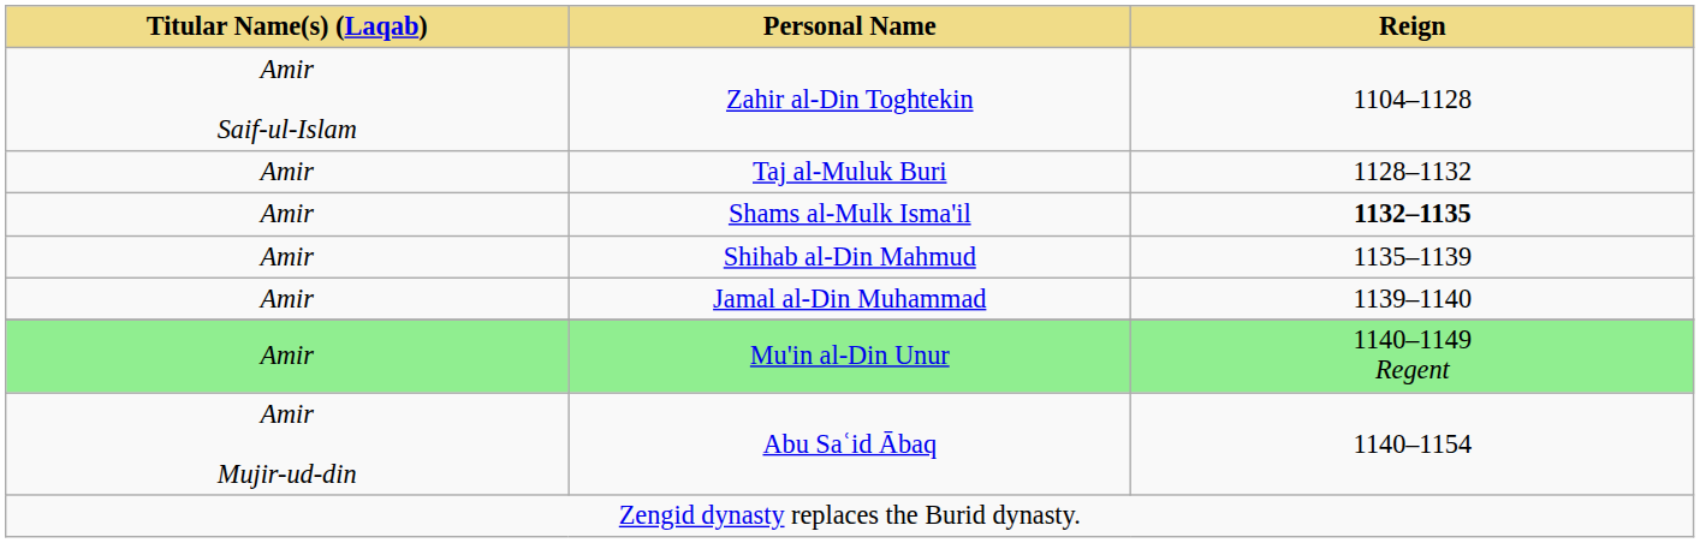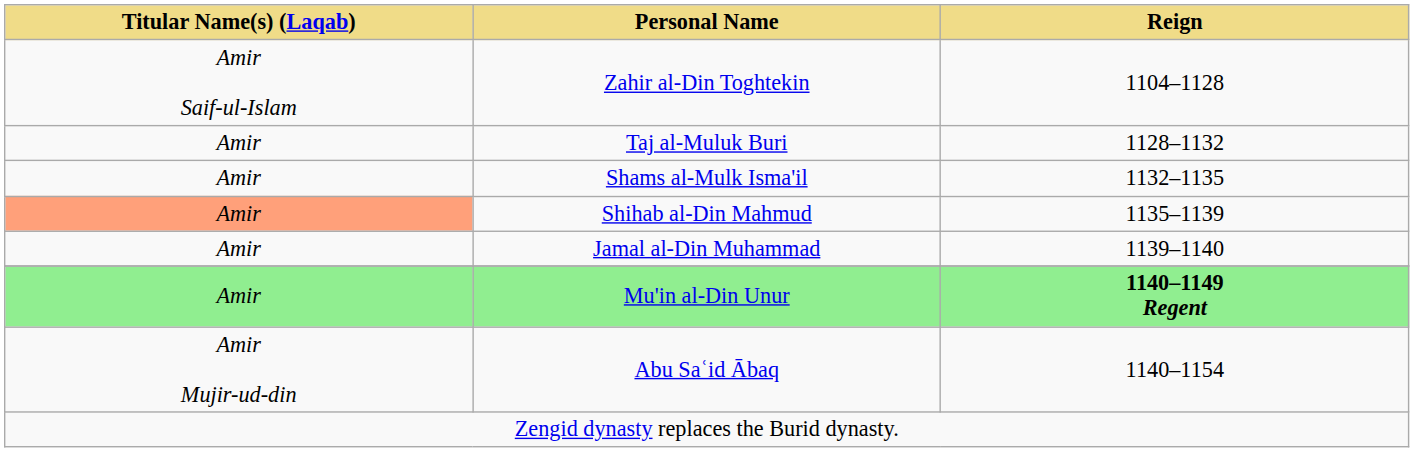 <table width=80% class="wikitable">
 <tr>
 <th style="background-color:#F0DC88" width=17%>Titular Name(s) (<a href='#'>Laqab</a>)</th>
 <th style="background-color:#F0DC88" width=17%>Personal Name</th>
 <th style="background-color:#F0DC88" width=17%>Reign</th>
 </tr>
 <tr>
 <td align="center"><em>Amir</em><br><small></small><br><em>Saif-ul-Islam</em><br><small></small></td>
 <td align="center"><a href='#'>Zahir al-Din Toghtekin</a> <br><small></small></td>
 <td align="center">1104–1128<br></td>
 </tr>
 <tr>
 <td align="center"><em>Amir</em><br><small></small></td>
 <td align="center"><a href='#'>Taj al-Muluk Buri</a><br><small></small></td>
 <td align="center">1128–1132</td>
 </tr>
 <tr>
 <td align="center"><em>Amir</em><br><small></small></td>
 <td align="center"><a href='#'>Shams al-Mulk Isma'il</a><br><small></small></td>
-<td align="center"><strong>1132–1135</strong></td>
+<td align="center">1132–1135</td>
 </tr>
 <tr>
-<td align="center"><em>Amir</em><br><small></small></td>
+<td align="center" style="background: lightsalmon;"><em>Amir</em><br><small></small></td>
 <td align="center"><a href='#'>Shihab al-Din Mahmud</a><br><small></small></td>
 <td align="center">1135–1139</td>
 </tr>
 <tr>
 <td align="center"><em>Amir</em><br><small></small></td>
 <td align="center"><a href='#'>Jamal al-Din Muhammad</a><br><small></small></td>
 <td align="center">1139–1140</td>
 </tr>
 <tr>
 </tr>
 <tr style="background:lightgreen">
 <td align="center"><em>Amir</em><br><small></small></td>
 <td align="center"><a href='#'>Mu'in al-Din Unur</a><br><small></small></td>
-<td align="center">1140–1149<br><em>Regent</em></td>
+<td align="center"><strong>1140–1149<br><em>Regent</em></strong></td>
 </tr>
 <tr>
 <td align="center"><em>Amir</em><br><small></small><br><em>Mujir-ud-din</em><br><small></small></td>
 <td align="center"><a href='#'>Abu Saʿid Ābaq</a><br><small></small></td>
 <td align="center">1140–1154</td>
 </tr>
 <tr>
 <td colspan=4 align="middle"><a href='#'>Zengid dynasty</a> replaces the Burid dynasty.</td>
 </tr>
 </table>
